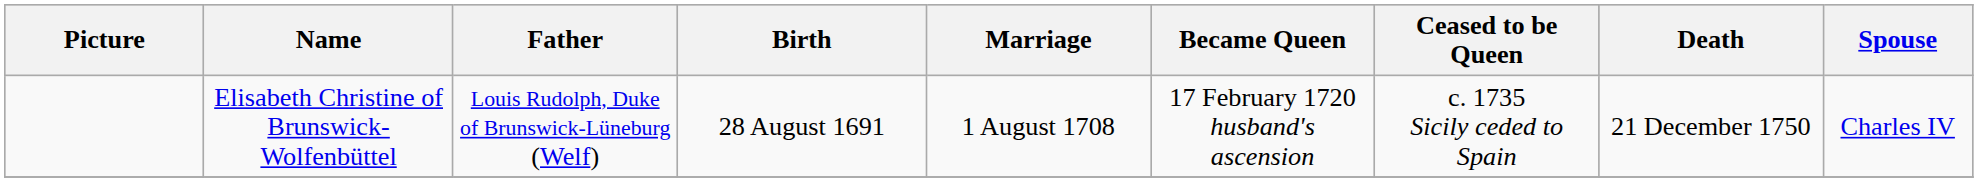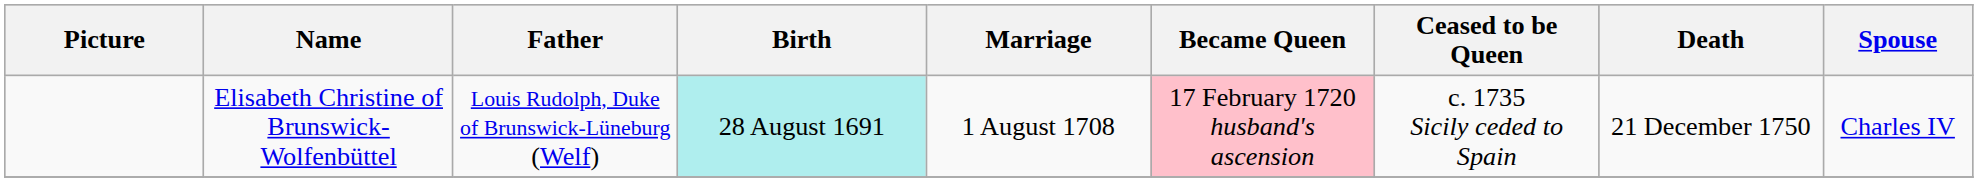 <table width=95% class="wikitable">
 <tr>
 <th width = "8%">Picture</th>
 <th width = "10%">Name</th>
 <th width = "9%">Father</th>
 <th width = "10%">Birth</th>
 <th width = "9%">Marriage</th>
 <th width = "9%">Became Queen</th>
 <th width = "9%">Ceased to be Queen</th>
 <th width = "9%">Death</th>
 <th width = "6%"><a href='#'>Spouse</a></th>
 </tr>
 <tr>
 <td align="center"></td>
 <td align="center"><a href='#'>Elisabeth Christine of Brunswick-Wolfenbüttel</a></td>
 <td align="center"><small><a href='#'>Louis Rudolph, Duke of Brunswick-Lüneburg</a></small><br> (<a href='#'>Welf</a>)</td>
-<td align="center">28 August 1691</td>
+<td align="center" style="background: paleturquoise;">28 August 1691</td>
 <td align="center">1 August 1708</td>
-<td align="center">17 February 1720<br><em>husband's ascension</em></td>
+<td align="center" style="background: pink;">17 February 1720<br><em>husband's ascension</em></td>
 <td align="center">c. 1735<br><em>Sicily ceded to Spain</em></td>
 <td align="center">21 December 1750</td>
 <td align="center"><a href='#'>Charles IV</a></td>
 </tr>
 <tr>
 </tr>
 </table>
